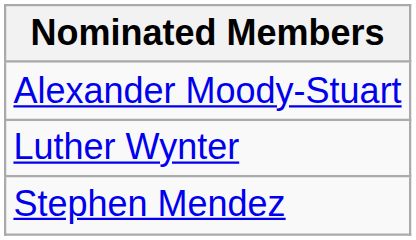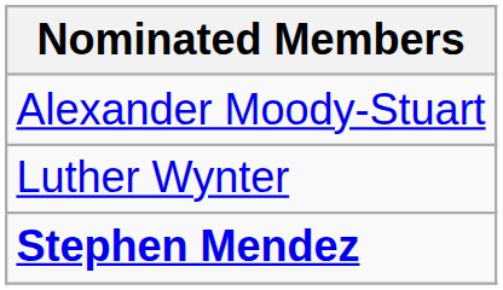 <table class="wikitable">
 <tr>
 <th><strong>Nominated Members</strong></th>
 </tr>
 <tr>
 <td><a href='#'>Alexander Moody-Stuart</a></td>
 </tr>
 <tr>
 <td><a href='#'>Luther Wynter</a></td>
 </tr>
 <tr>
-<td><a href='#'>Stephen Mendez</a></td>
+<td><strong><a href='#'>Stephen Mendez</a></strong></td>
 </tr>
 </table>
